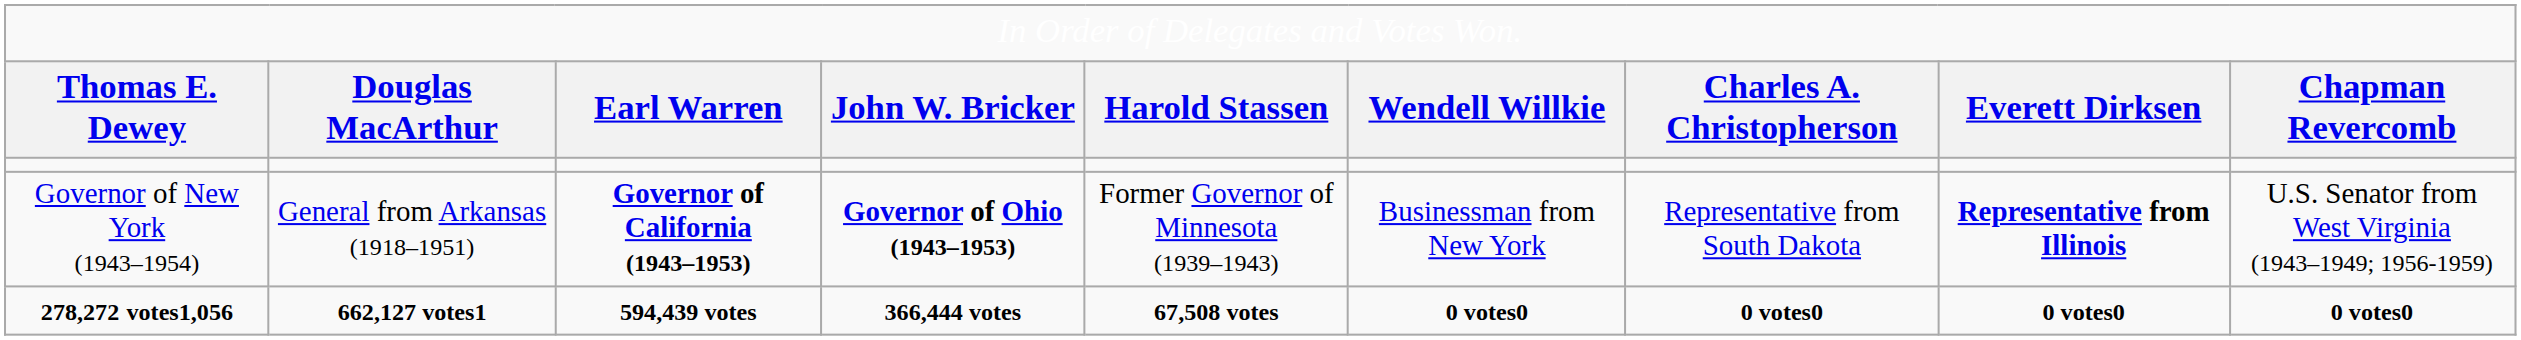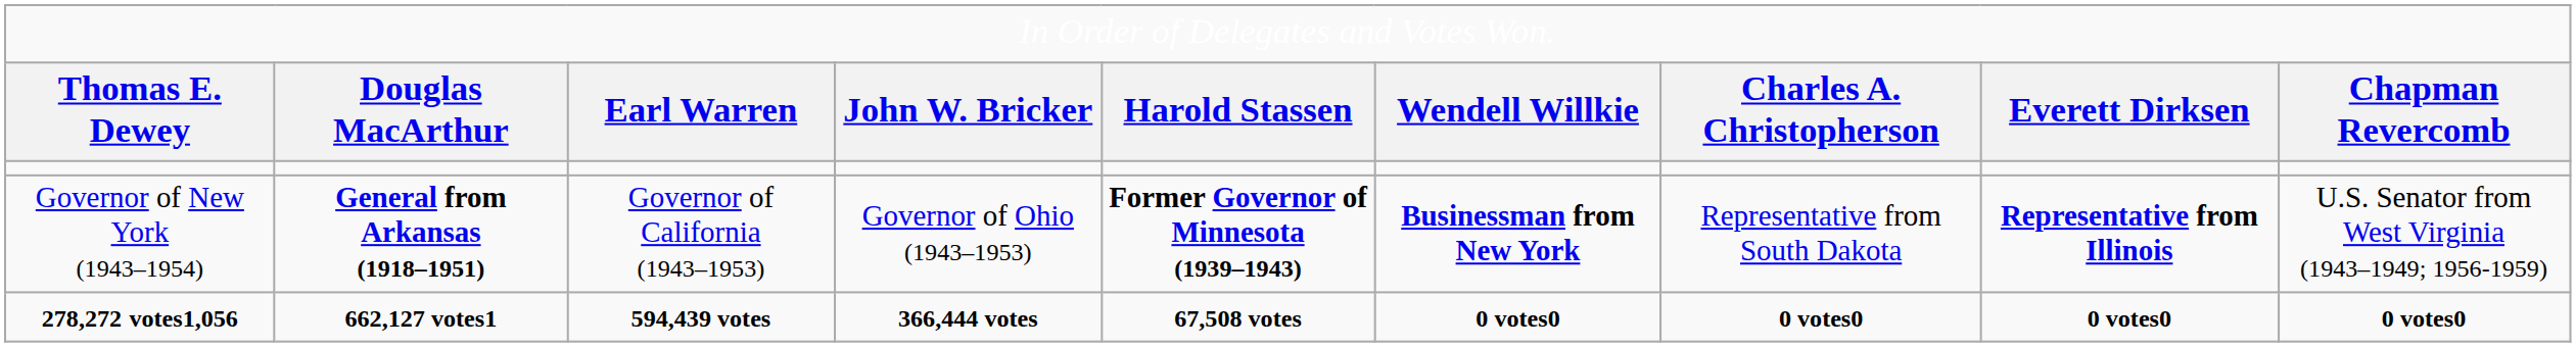 <table class="wikitable mw-collapsible mw-collapsed" style="font-size:90%;">
 <tr>
 <td colspan="11" style="text-align:center; width:700px; font-size:120%; color:white; background:"><em>In Order of Delegates and Votes Won.</em></td>
 </tr>
 <tr style="text-align:center">
 <th scope="col" style="width:10em; font-size:120%;"><a href='#'>Thomas E. Dewey</a></th>
 <th scope="col" style="width:10em; font-size:120%;"><a href='#'>Douglas MacArthur</a></th>
 <th scope="col" style="width:10em; font-size:120%;"><a href='#'>Earl Warren</a></th>
 <th scope="col" style="width:10em; font-size:120%;"><a href='#'>John W. Bricker</a></th>
 <th scope="col" style="width:10em; font-size:120%;"><a href='#'>Harold Stassen</a></th>
 <th scope="col" style="width:10em; font-size:120%;"><a href='#'>Wendell Willkie</a></th>
 <th scope="col" style="width:10em; font-size:120%;"><strong><a href='#'>Charles A. Christopherson</a></strong></th>
 <th scope="col" style="width:10em; font-size:120%;"><strong><a href='#'>Everett Dirksen</a></strong></th>
 <th scope="col" style="width:10em; font-size:120%;"><strong><a href='#'>Chapman Revercomb</a></strong></th>
 </tr>
 <tr style="text-align:center">
 <td></td>
 <td></td>
 <td></td>
 <td></td>
 <td></td>
 <td></td>
 <td></td>
 <td></td>
 <td></td>
 </tr>
 <tr style="text-align:center">
 <td><a href='#'>Governor</a> of <a href='#'>New York</a><br><small>(1943–1954)</small></td>
-<td><a href='#'>General</a> from <a href='#'>Arkansas</a><br><small>(1918–1951)</small></td>
-<td><strong><a href='#'>Governor</a> of <a href='#'>California</a><br><small>(1943–1953)</small></strong></td>
-<td><strong><a href='#'>Governor</a> of <a href='#'>Ohio</a><br><small>(1943–1953)</small></strong></td>
-<td>Former <a href='#'>Governor</a> of <a href='#'>Minnesota</a><br><small>(1939–1943)</small></td>
-<td><a href='#'>Businessman</a> from <a href='#'>New York</a></td>
+<td><strong><a href='#'>General</a> from <a href='#'>Arkansas</a><br><small>(1918–1951)</small></strong></td>
+<td><a href='#'>Governor</a> of <a href='#'>California</a><br><small>(1943–1953)</small></td>
+<td><a href='#'>Governor</a> of <a href='#'>Ohio</a><br><small>(1943–1953)</small></td>
+<td><strong>Former <a href='#'>Governor</a> of <a href='#'>Minnesota</a><br><small>(1939–1943)</small></strong></td>
+<td><strong><a href='#'>Businessman</a> from <a href='#'>New York</a></strong></td>
 <td><a href='#'>Representative</a> from <a href='#'>South Dakota</a></td>
 <td><strong><a href='#'>Representative</a> from <a href='#'>Illinois</a></strong></td>
 <td>U.S. Senator from <a href='#'>West Virginia</a><br><small>(1943–1949; 1956-1959)</small></td>
 </tr>
 <tr style="text-align:center">
 <td><small><strong>278</strong></small><small><strong>,272</strong></small> <small><strong>votes</strong></small><small><strong>1</strong></small><small><strong>,0</strong></small><small><strong>56 </strong></small></td>
 <td><small><strong>662,127 votes</strong></small><small><strong>1 </strong></small></td>
 <td><small><strong>594,439 votes</strong></small></td>
 <td><small><strong>366,444 votes</strong></small></td>
 <td><small><strong>67,508 votes</strong></small></td>
 <td><small><strong>0 votes</strong></small><small><strong>0 </strong></small></td>
 <td><small><strong>0 votes</strong></small><small><strong>0 </strong></small></td>
 <td><small><strong>0 votes</strong></small><small><strong>0 </strong></small></td>
 <td><small><strong>0 votes</strong></small><small><strong>0 </strong></small></td>
 </tr>
 </table>
